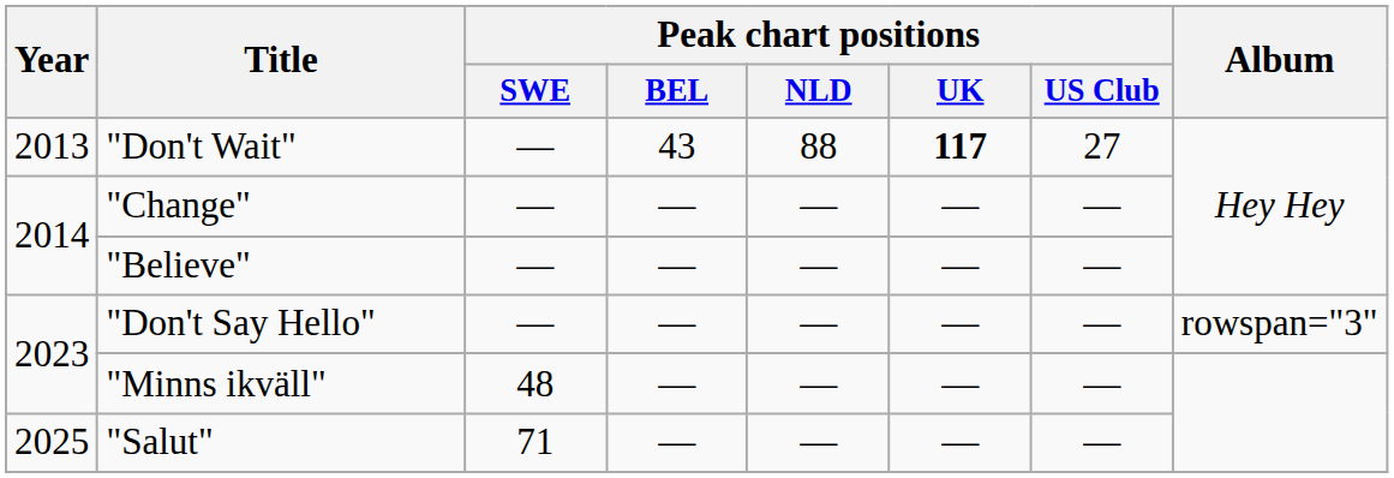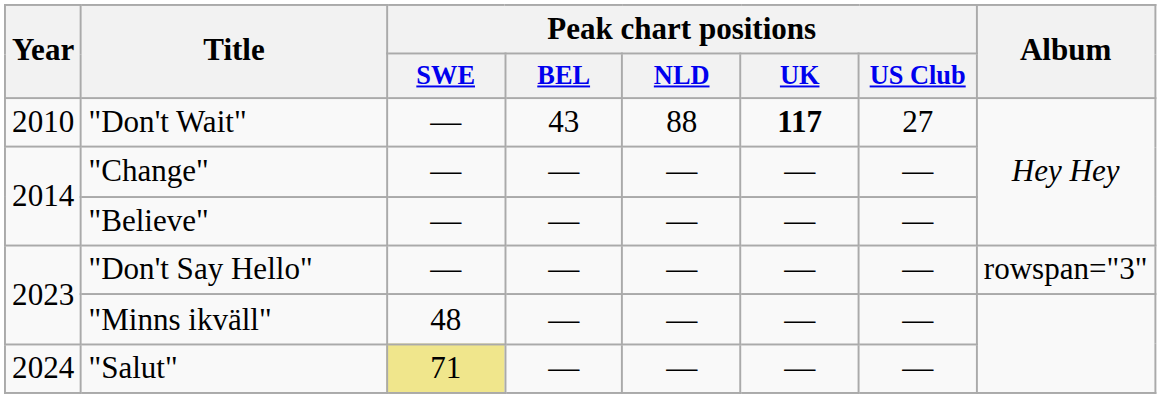 <table class="wikitable" style="text-align:center;">
 <tr>
 <th scope="col" rowspan="2">Year</th>
 <th scope="col" rowspan="2" style="width:150px;">Title</th>
 <th scope="col" colspan="5">Peak chart positions</th>
 <th scope="col" rowspan="2">Album</th>
 </tr>
 <tr>
 <th scope="col" style="width:4em;font-size:85%"><a href='#'>SWE</a><br></th>
 <th scope="col" style="width:4em;font-size:85%"><a href='#'>BEL</a><br></th>
 <th scope="col" style="width:4em;font-size:85%"><a href='#'>NLD</a><br></th>
 <th scope="col" style="width:4em;font-size:85%"><a href='#'>UK</a><br></th>
 <th scope="col" style="width:4em;font-size:85%"><a href='#'>US Club</a><br></th>
 </tr>
 <tr>
-<td>2013</td>
+<td>2010</td>
 <td align="left">"Don't Wait"</td>
 <td>—</td>
 <td>43</td>
 <td>88</td>
 <td><strong>117</strong></td>
 <td>27</td>
 <td rowspan="3"><em>Hey Hey</em></td>
 </tr>
 <tr>
 <td rowspan="2">2014</td>
 <td align="left">"Change"</td>
 <td>—</td>
 <td>—</td>
 <td>—</td>
 <td>—</td>
 <td>—</td>
 </tr>
 <tr>
 <td align="left">"Believe"</td>
 <td>—</td>
 <td>—</td>
 <td>—</td>
 <td>—</td>
 <td>—</td>
 </tr>
 <tr>
 <td rowspan="2">2023</td>
 <td align="left">"Don't Say Hello"</td>
 <td>—</td>
 <td>—</td>
 <td>—</td>
 <td>—</td>
 <td>—</td>
 <td>rowspan="3" </td>
 </tr>
 <tr>
 <td align="left">"Minns ikväll"</td>
 <td>48</td>
 <td>—</td>
 <td>—</td>
 <td>—</td>
 <td>—</td>
 </tr>
 <tr>
-<td>2025</td>
+<td>2024</td>
 <td align="left">"Salut"</td>
-<td>71<br></td>
+<td style="background: khaki;">71<br></td>
 <td>—</td>
 <td>—</td>
 <td>—</td>
 <td>—</td>
 </tr>
 </table>
